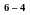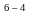 <table style="text-align:center">
 <tr>
 <th width=200></th>
 <th width=100></th>
 <th width=200></th>
 </tr>
 <tr>
 <td align=right><strong></strong></td>
-<td><strong>6 – 4</strong></td>
+<td>6 – 4</td>
 <td align=left></td>
 </tr>
 </table>
